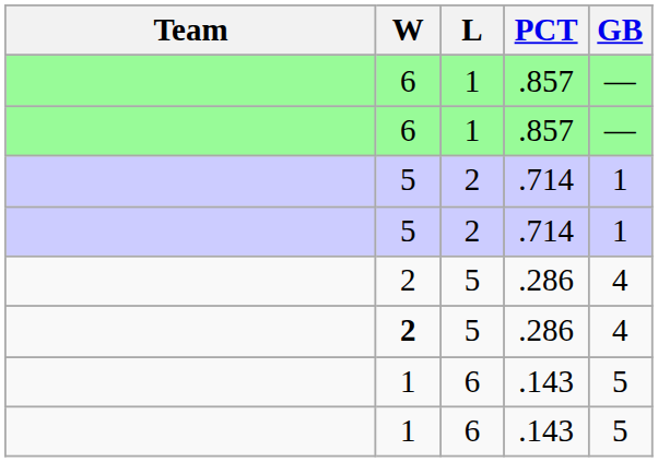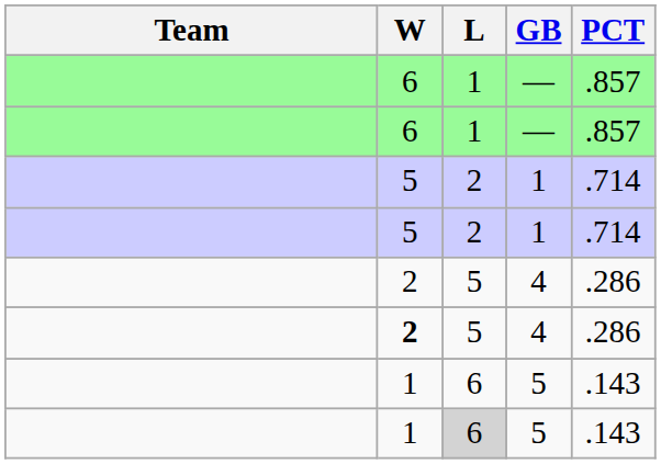 <table class="wikitable" style="text-align:center">
 <tr>
 <th width=180px>Team</th>
 <th width=25px>W</th>
 <th width=25px>L</th>
+<th width=25px><a href='#'>GB</a></th>
 <th width=35px><a href='#'>PCT</a></th>
-<th width=25px><a href='#'>GB</a></th>
 </tr>
 <tr bgcolor=#98fb98>
 <td align=left></td>
 <td>6</td>
 <td>1</td>
+<td>—</td>
 <td>.857</td>
-<td>—</td>
 </tr>
 <tr bgcolor=#98fb98>
 <td align=left></td>
 <td>6</td>
 <td>1</td>
+<td>—</td>
 <td>.857</td>
-<td>—</td>
 </tr>
 <tr bgcolor=#CCCCFF>
 <td align=left></td>
 <td>5</td>
 <td>2</td>
+<td>1</td>
 <td>.714</td>
-<td>1</td>
 </tr>
 <tr bgcolor=#CCCCFF>
 <td align=left><strong></strong></td>
 <td>5</td>
 <td>2</td>
+<td>1</td>
 <td>.714</td>
-<td>1</td>
 </tr>
 <tr>
 <td align=left></td>
 <td>2</td>
 <td>5</td>
+<td>4</td>
 <td>.286</td>
-<td>4</td>
 </tr>
 <tr>
 <td align=left></td>
 <td><strong>2</strong></td>
 <td>5</td>
+<td>4</td>
 <td>.286</td>
-<td>4</td>
 </tr>
 <tr>
 <td align=left></td>
 <td>1</td>
 <td>6</td>
+<td>5</td>
 <td>.143</td>
-<td>5</td>
 </tr>
 <tr>
 <td align=left></td>
 <td>1</td>
-<td>6</td>
+<td style="background: lightgrey;">6</td>
+<td>5</td>
 <td>.143</td>
-<td>5</td>
 </tr>
 </table>
